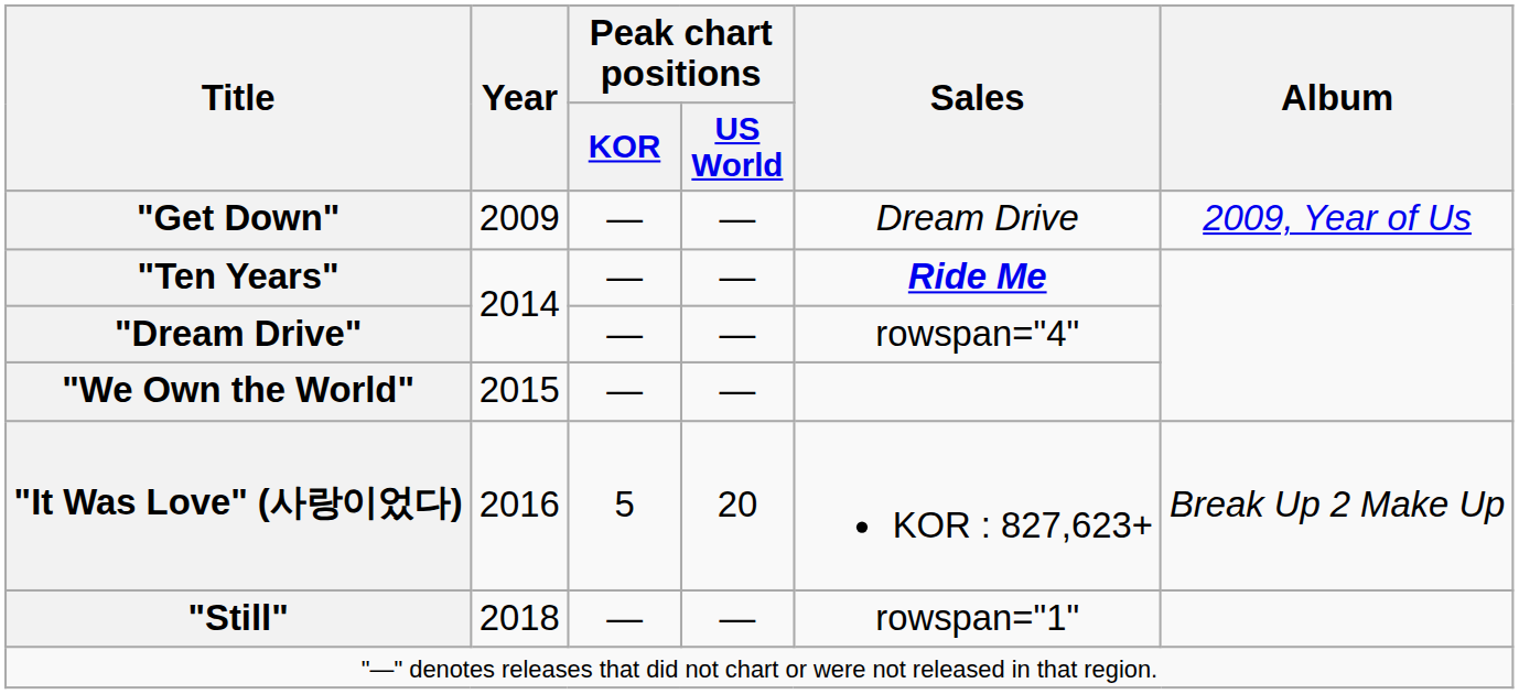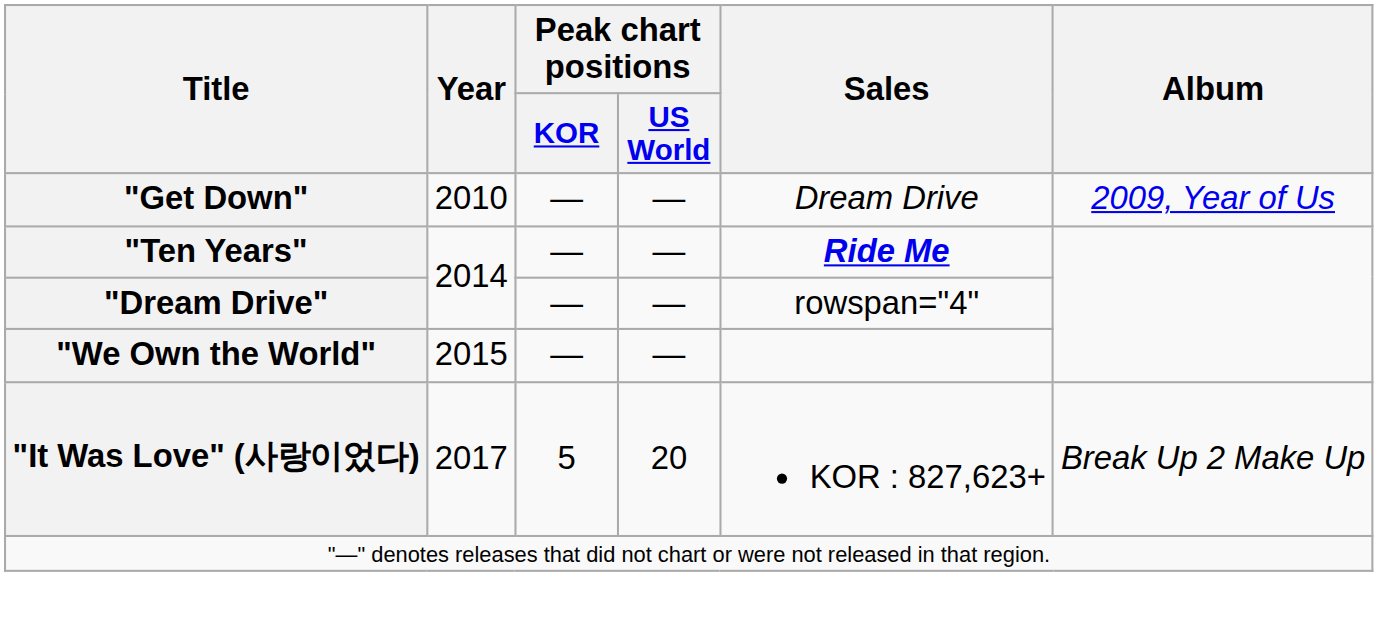 <table class="wikitable plainrowheaders" style="text-align:center;">
 <tr>
 <th scope="col" rowspan="2">Title</th>
 <th scope="col" rowspan="2">Year</th>
 <th colspan="2" scope="col">Peak chart<br>positions</th>
 <th scope="col" rowspan="2">Sales</th>
 <th scope="col" rowspan="2">Album</th>
 </tr>
 <tr>
 <th scope="col" style="width:3em;font-size:90%;"><a href='#'>KOR</a><br></th>
 <th scope="col" style="width:3em;font-size:90%;"><a href='#'>US<br>World</a><br></th>
 </tr>
 <tr>
 <th scope=row>"Get Down"<br></th>
-<td>2009</td>
+<td>2010</td>
 <td>—</td>
 <td>—</td>
 <td><em>Dream Drive</em></td>
 <td><em><a href='#'>2009, Year of Us</a></em></td>
 </tr>
 <tr>
 <th scope=row>"Ten Years"<br></th>
 <td rowspan="2">2014</td>
 <td>—</td>
 <td>—</td>
 <td><strong><em><a href='#'>Ride Me</a></em></strong></td>
 </tr>
 <tr>
 <th scope=row>"Dream Drive"<br></th>
 <td>—</td>
 <td>—</td>
 <td>rowspan="4" </td>
 </tr>
 <tr>
 <th scope=row>"We Own the World"<br></th>
 <td>2015</td>
 <td>—</td>
 <td>—</td>
 <td></td>
 </tr>
 <tr>
 <th scope=row>"It Was Love" (사랑이었다)<br></th>
-<td>2016</td>
+<td>2017</td>
 <td>5</td>
 <td>20</td>
 <td><br><ul><li>KOR : 827,623+</li></ul></td>
 <td><em>Break Up 2 Make Up</em></td>
 </tr>
 <tr>
-<th scope=row>"Still"<br></th>
-<td>2018</td>
-<td>—</td>
-<td>—</td>
-<td>rowspan="1" </td>
-<td></td>
-</tr>
-<tr>
 <td colspan="6" style="font-size:8pt;">"—" denotes releases that did not chart or were not released in that region.</td>
 </tr>
 </table>
